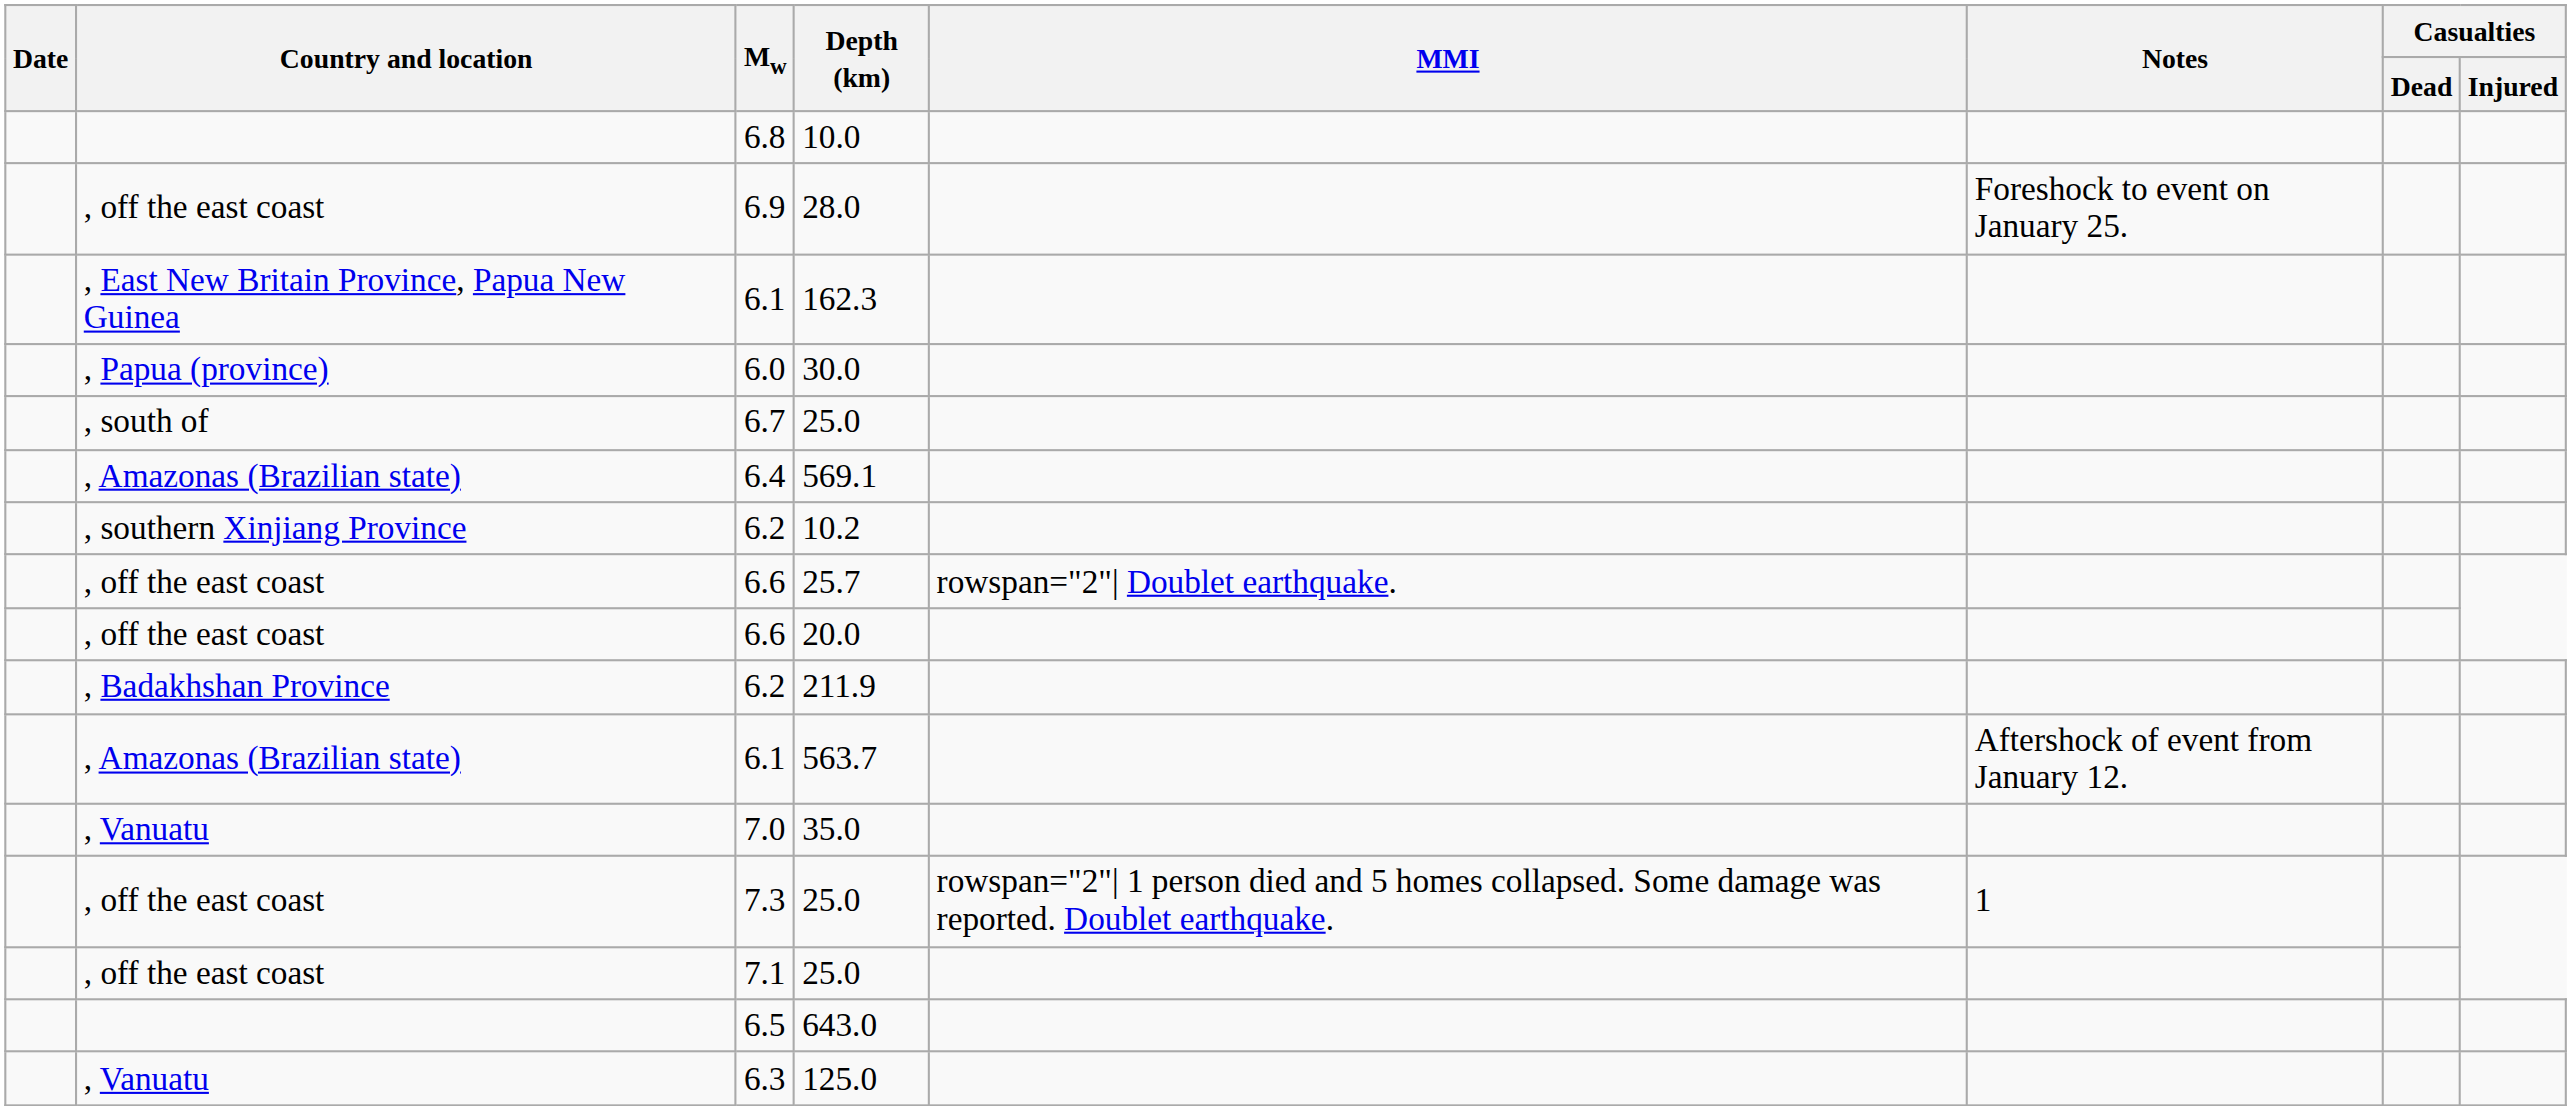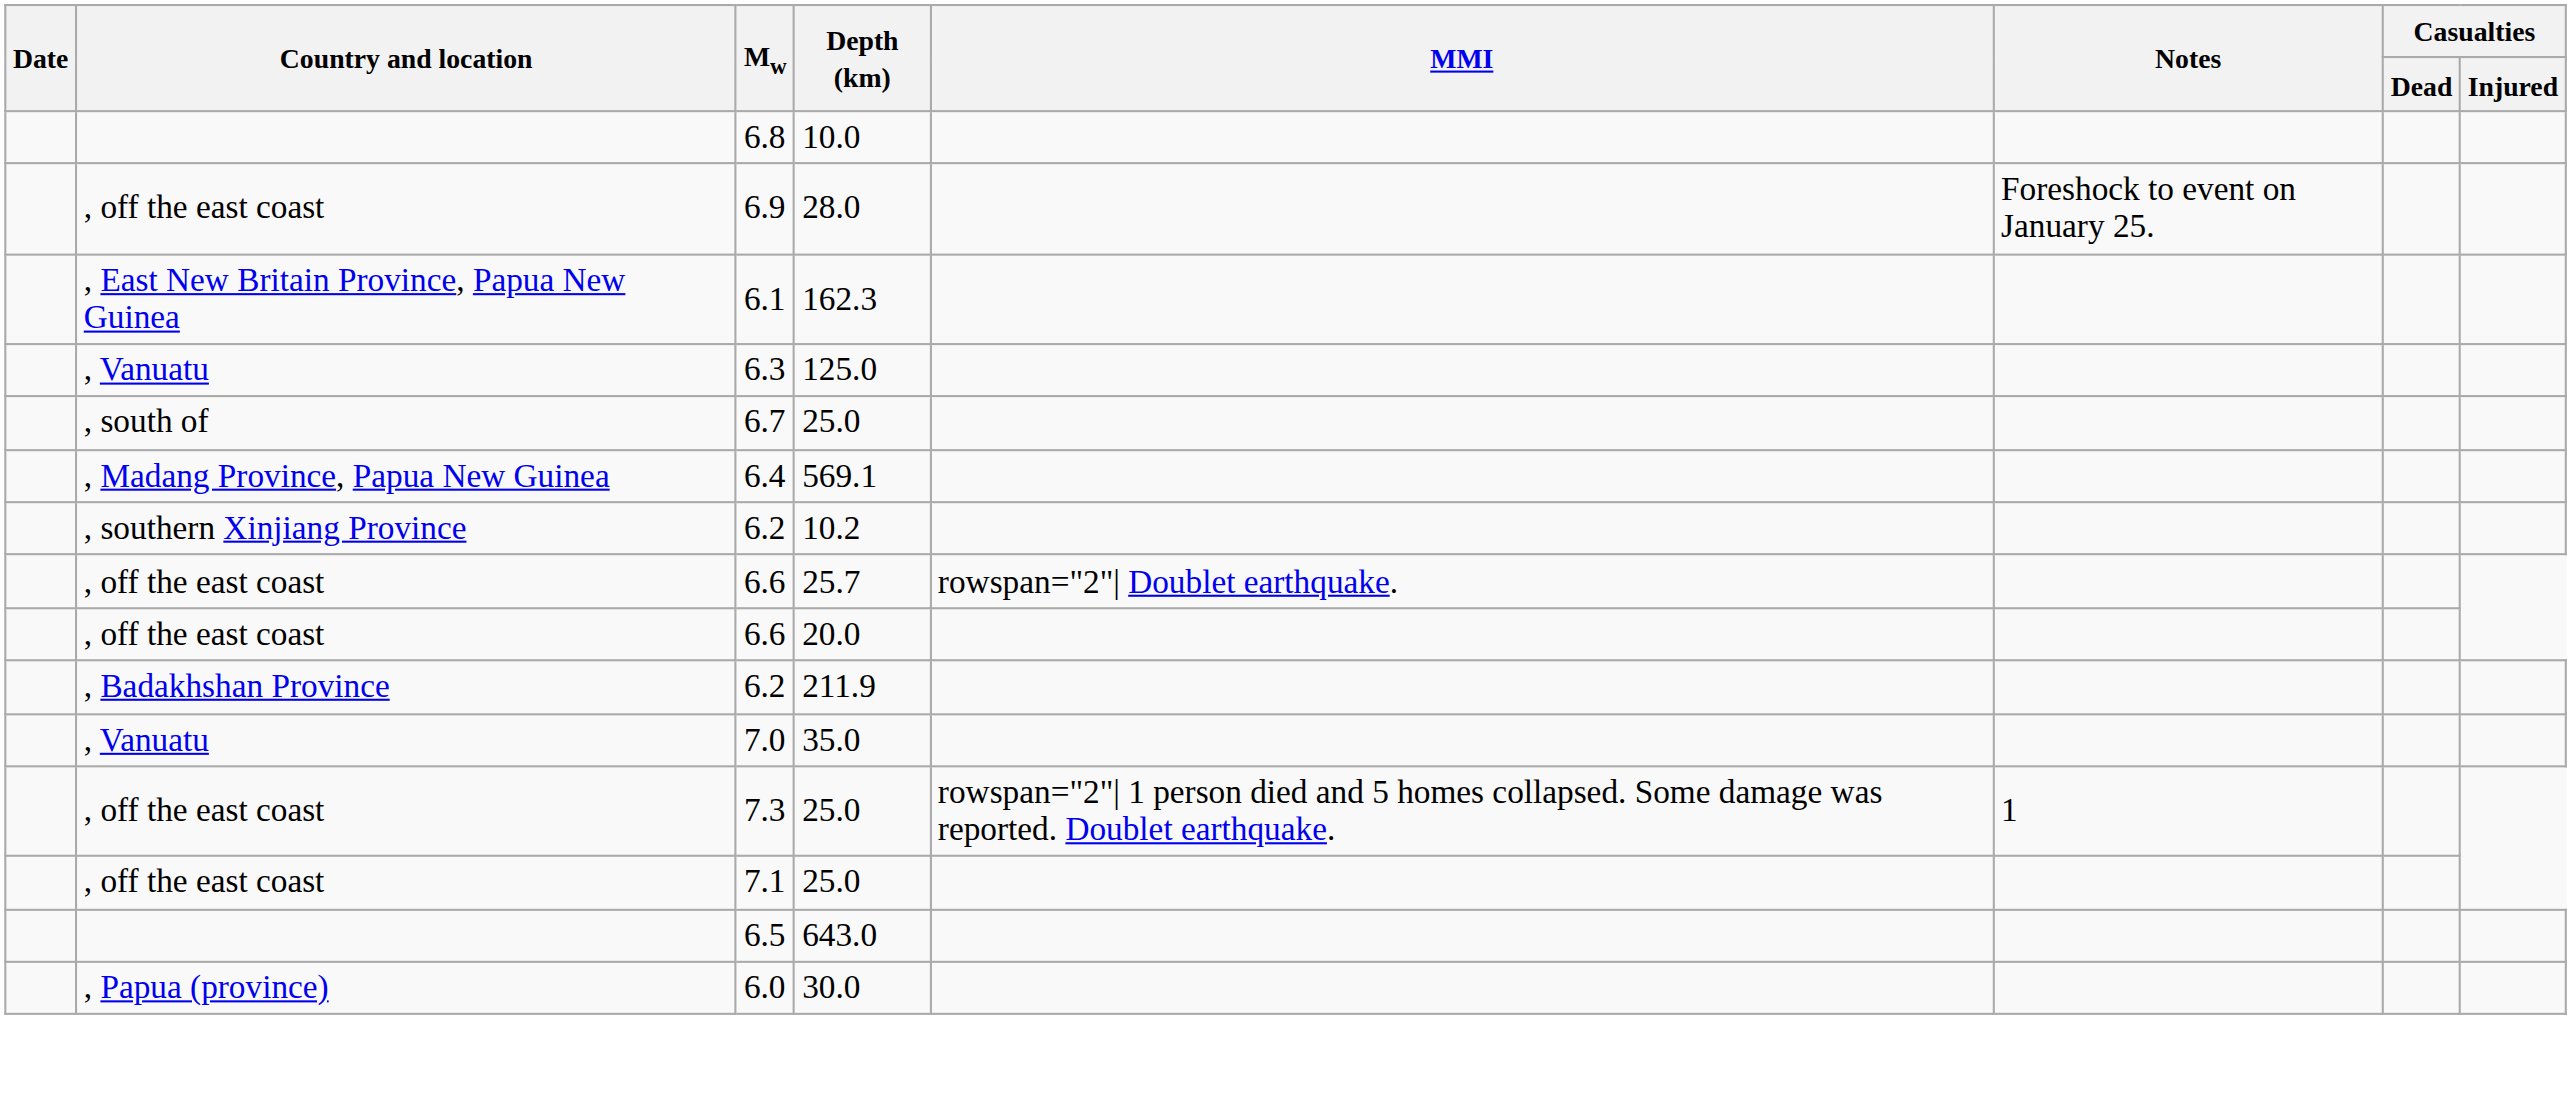 <table class="wikitable sortable sort-under" style="border:1px black; margin-left:1em;">
 <tr>
 <th rowspan="2"><small>Date</small></th>
 <th rowspan="2" style="width: 310px"><small>Country and location</small></th>
 <th rowspan="2"><small>M<sub>w</sub></small></th>
 <th rowspan="2"><small>Depth (km)</small></th>
 <th rowspan="2"><small><a href='#'>MMI</a></small></th>
 <th rowspan="2" class="unsortable"><small>Notes</small></th>
 <th colspan="2"><small>Casualties</small></th>
 </tr>
 <tr>
 <th><small>Dead</small></th>
 <th><small>Injured</small></th>
 </tr>
 <tr>
 <td></td>
 <td></td>
 <td>6.8</td>
 <td>10.0</td>
 <td></td>
 <td></td>
 <td></td>
 <td></td>
 </tr>
 <tr>
 <td></td>
 <td>, off the east coast</td>
 <td>6.9</td>
 <td>28.0</td>
 <td></td>
 <td>Foreshock to event on January 25.</td>
 <td></td>
 <td></td>
 </tr>
 <tr>
 <td></td>
 <td>, <a href='#'>East New Britain Province</a>, <a href='#'>Papua New Guinea</a></td>
 <td>6.1</td>
 <td>162.3</td>
 <td></td>
 <td></td>
 <td></td>
 <td></td>
 </tr>
 <tr>
 <td></td>
-<td>, <a href='#'>Papua (province)</a></td>
-<td>6.0</td>
-<td>30.0</td>
+<td>, <a href='#'>Vanuatu</a></td>
+<td>6.3</td>
+<td>125.0</td>
 <td></td>
 <td></td>
 <td></td>
 <td></td>
 </tr>
 <tr>
 <td></td>
 <td>, south of</td>
 <td>6.7</td>
 <td>25.0</td>
 <td></td>
 <td></td>
 <td></td>
 <td></td>
 </tr>
 <tr>
 <td></td>
-<td>, <a href='#'>Amazonas (Brazilian state)</a></td>
+<td>, <a href='#'>Madang Province</a>, <a href='#'>Papua New Guinea</a></td>
 <td>6.4</td>
 <td>569.1</td>
 <td></td>
 <td></td>
 <td></td>
 <td></td>
 </tr>
 <tr>
 <td></td>
 <td>, southern <a href='#'>Xinjiang Province</a></td>
 <td>6.2</td>
 <td>10.2</td>
 <td></td>
 <td></td>
 <td></td>
 <td></td>
 </tr>
 <tr>
 <td></td>
 <td>, off the east coast</td>
 <td>6.6</td>
 <td>25.7</td>
 <td>rowspan="2"| <a href='#'>Doublet earthquake</a>.</td>
 <td></td>
 <td></td>
 </tr>
 <tr>
 <td></td>
 <td>, off the east coast</td>
 <td>6.6</td>
 <td>20.0</td>
 <td></td>
 <td></td>
 <td></td>
 </tr>
 <tr>
 <td></td>
 <td>, <a href='#'>Badakhshan Province</a></td>
 <td>6.2</td>
 <td>211.9</td>
 <td></td>
 <td></td>
 <td></td>
 <td></td>
 </tr>
 <tr>
 <td></td>
-<td>, <a href='#'>Amazonas (Brazilian state)</a></td>
-<td>6.1</td>
-<td>563.7</td>
-<td></td>
-<td>Aftershock of event from January 12.</td>
-<td></td>
-<td></td>
-</tr>
-<tr>
-<td></td>
 <td>, <a href='#'>Vanuatu</a></td>
 <td>7.0</td>
 <td>35.0</td>
 <td></td>
 <td></td>
 <td></td>
 <td></td>
 </tr>
 <tr>
 <td></td>
 <td>, off the east coast</td>
 <td>7.3</td>
 <td>25.0</td>
 <td>rowspan="2"| 1 person died and 5 homes collapsed. Some damage was reported. <a href='#'>Doublet earthquake</a>.</td>
 <td>1</td>
 <td></td>
 </tr>
 <tr>
 <td></td>
 <td>, off the east coast</td>
 <td>7.1</td>
 <td>25.0</td>
 <td></td>
 <td></td>
 <td></td>
 </tr>
 <tr>
 <td></td>
 <td></td>
 <td>6.5</td>
 <td>643.0</td>
 <td></td>
 <td></td>
 <td></td>
 <td></td>
 </tr>
 <tr>
 <td></td>
-<td>, <a href='#'>Vanuatu</a></td>
-<td>6.3</td>
-<td>125.0</td>
+<td>, <a href='#'>Papua (province)</a></td>
+<td>6.0</td>
+<td>30.0</td>
 <td></td>
 <td></td>
 <td></td>
 <td></td>
 </tr>
 </table>
